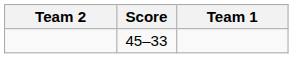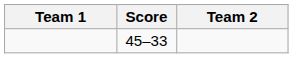 <table class="wikitable" style="text-align: center; font-size:90% ">
 <tr>
+<th align="right" width="100">Team 1</th>
+<th width="50">Score</th>
 <th align="left" width="100">Team 2</th>
-<th width="50">Score</th>
-<th align="right" width="100">Team 1</th>
 </tr>
 <tr>
+<td align=right><strong></strong></td>
+<td align=center>45–33</td>
 <td align=left></td>
-<td align=center>45–33</td>
-<td align=right><strong></strong></td>
 </tr>
 </table>
